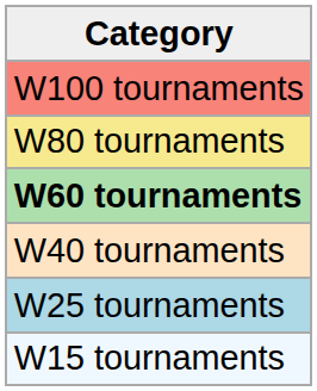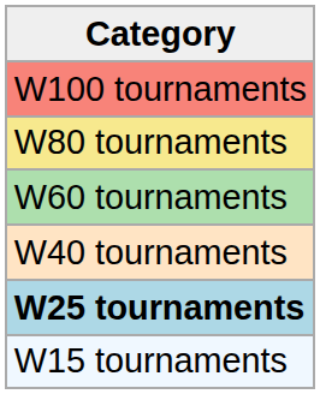 <table class="wikitable" style="font-size:90%;">
 <tr>
 <th style="background:#efefef;">Category</th>
 </tr>
 <tr style="background:#f88379;">
 <td>W100 tournaments</td>
 </tr>
 <tr style="background:#f7e98e">
 <td>W80 tournaments</td>
 </tr>
 <tr style="background:#addfad">
-<td><strong>W60 tournaments</strong></td>
+<td>W60 tournaments</td>
 </tr>
 <tr style="background:#ffe4c4;">
 <td>W40 tournaments</td>
 </tr>
 <tr style="background:lightblue;">
-<td>W25 tournaments</td>
+<td><strong>W25 tournaments</strong></td>
 </tr>
 <tr style="background:#f0f8ff;">
 <td>W15 tournaments</td>
 </tr>
 </table>
